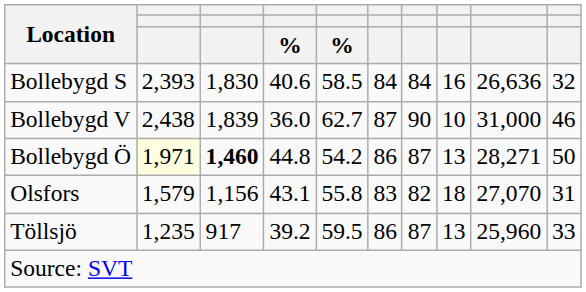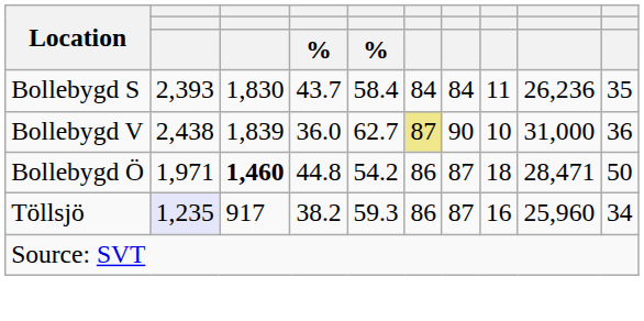 <table role="presentation" class="wikitable sortable mw-collapsible">
 <tr>
 <th rowspan="3">Location</th>
 <th></th>
 <th></th>
 <th></th>
 <th></th>
 <th></th>
 <th></th>
 <th></th>
 <th></th>
 <th></th>
 </tr>
 <tr>
 <th></th>
 <th></th>
 <th style="background:"></th>
 <th style="background:"></th>
 <th></th>
 <th></th>
 <th></th>
 <th></th>
 <th></th>
 </tr>
 <tr>
 <th data-sort-type="number"></th>
 <th data-sort-type="number"></th>
 <th data-sort-type="number">%</th>
 <th data-sort-type="number">%</th>
 <th data-sort-type="number"></th>
 <th data-sort-type="number"></th>
 <th data-sort-type="number"></th>
 <th data-sort-type="number"></th>
 <th data-sort-type="number"></th>
 </tr>
 <tr>
 <td align="left">Bollebygd S</td>
 <td>2,393</td>
 <td>1,830</td>
-<td>40.6</td>
-<td>58.5</td>
+<td>43.7</td>
+<td>58.4</td>
 <td>84</td>
 <td>84</td>
-<td>16</td>
-<td>26,636</td>
-<td>32</td>
+<td>11</td>
+<td>26,236</td>
+<td>35</td>
 </tr>
 <tr>
 <td align="left">Bollebygd V</td>
 <td>2,438</td>
 <td>1,839</td>
 <td>36.0</td>
 <td>62.7</td>
-<td>87</td>
+<td style="background: khaki;">87</td>
 <td>90</td>
 <td>10</td>
 <td>31,000</td>
-<td>46</td>
+<td>36</td>
 </tr>
 <tr>
 <td align="left">Bollebygd Ö</td>
-<td style="background: lightyellow;">1,971</td>
+<td>1,971</td>
 <td><strong>1,460</strong></td>
 <td>44.8</td>
 <td>54.2</td>
 <td>86</td>
 <td>87</td>
-<td>13</td>
-<td>28,271</td>
+<td>18</td>
+<td>28,471</td>
 <td>50</td>
 </tr>
 <tr>
-<td align="left">Olsfors</td>
-<td>1,579</td>
-<td>1,156</td>
-<td>43.1</td>
-<td>55.8</td>
-<td>83</td>
-<td>82</td>
-<td>18</td>
-<td>27,070</td>
-<td>31</td>
-</tr>
-<tr>
 <td align="left">Töllsjö</td>
-<td>1,235</td>
+<td style="background: lavender;">1,235</td>
 <td>917</td>
-<td>39.2</td>
-<td>59.5</td>
+<td>38.2</td>
+<td>59.3</td>
 <td>86</td>
 <td>87</td>
-<td>13</td>
+<td>16</td>
 <td>25,960</td>
-<td>33</td>
+<td>34</td>
 </tr>
 <tr>
 <td colspan="10" align="left">Source: <a href='#'>SVT</a></td>
 </tr>
 </table>
